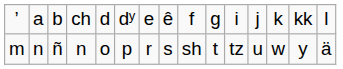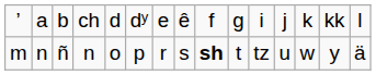 <table class="wikitable" style="text-align: center;">
 <tr>
 <td>’</td>
 <td>a</td>
 <td>b</td>
 <td>ch</td>
 <td>d</td>
 <td>dʸ</td>
 <td>e</td>
 <td>ê</td>
 <td>f</td>
 <td>g</td>
 <td>i</td>
 <td>j</td>
 <td>k</td>
 <td>kk</td>
 <td>l</td>
 </tr>
 <tr>
 <td>m</td>
 <td>n</td>
 <td>ñ</td>
 <td>n</td>
 <td>o</td>
 <td>p</td>
 <td>r</td>
 <td>s</td>
-<td>sh</td>
+<td><strong>sh</strong></td>
 <td>t</td>
 <td>tz</td>
 <td>u</td>
 <td>w</td>
 <td>y</td>
 <td>ä</td>
 </tr>
 </table>
